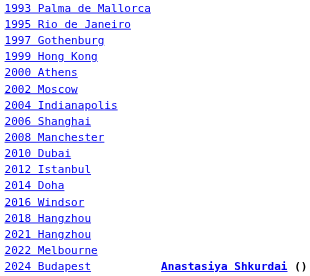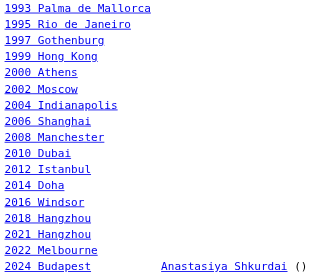 <table>
 <tr>
 <td><a href='#'>1993 Palma de Mallorca</a></td>
 <td></td>
 <td></td>
 <td></td>
 </tr>
 <tr>
 <td><a href='#'>1995 Rio de Janeiro</a></td>
 <td></td>
 <td></td>
 <td></td>
 </tr>
 <tr>
 <td><a href='#'>1997 Gothenburg</a></td>
 <td></td>
 <td></td>
 <td></td>
 </tr>
 <tr>
 <td><a href='#'>1999 Hong Kong</a></td>
 <td></td>
 <td></td>
 <td></td>
 </tr>
 <tr>
 <td><a href='#'>2000 Athens</a></td>
 <td></td>
 <td></td>
 <td></td>
 </tr>
 <tr>
 <td><a href='#'>2002 Moscow</a></td>
 <td></td>
 <td></td>
 <td></td>
 </tr>
 <tr>
 <td><a href='#'>2004 Indianapolis</a></td>
 <td></td>
 <td></td>
 <td></td>
 </tr>
 <tr>
 <td><a href='#'>2006 Shanghai</a></td>
 <td></td>
 <td></td>
 <td></td>
 </tr>
 <tr>
 <td><a href='#'>2008 Manchester</a></td>
 <td></td>
 <td></td>
 <td></td>
 </tr>
 <tr>
 <td><a href='#'>2010 Dubai</a></td>
 <td></td>
 <td></td>
 <td></td>
 </tr>
 <tr>
 <td><a href='#'>2012 Istanbul</a></td>
 <td></td>
 <td></td>
 <td></td>
 </tr>
 <tr>
 <td><a href='#'>2014 Doha</a></td>
 <td></td>
 <td></td>
 <td></td>
 </tr>
 <tr>
 <td><a href='#'>2016 Windsor</a></td>
 <td></td>
 <td></td>
 <td></td>
 </tr>
 <tr>
 <td><a href='#'>2018 Hangzhou</a></td>
 <td></td>
 <td></td>
 <td></td>
 </tr>
 <tr>
 <td><a href='#'>2021 Hangzhou</a></td>
 <td></td>
 <td></td>
 <td></td>
 </tr>
 <tr>
 <td><a href='#'>2022 Melbourne</a></td>
 <td></td>
 <td></td>
 <td></td>
 </tr>
 <tr>
 <td><a href='#'>2024 Budapest</a></td>
 <td></td>
 <td></td>
-<td><strong> <a href='#'>Anastasiya Shkurdai</a> ()</strong></td>
+<td> <a href='#'>Anastasiya Shkurdai</a> ()</td>
 </tr>
 </table>
